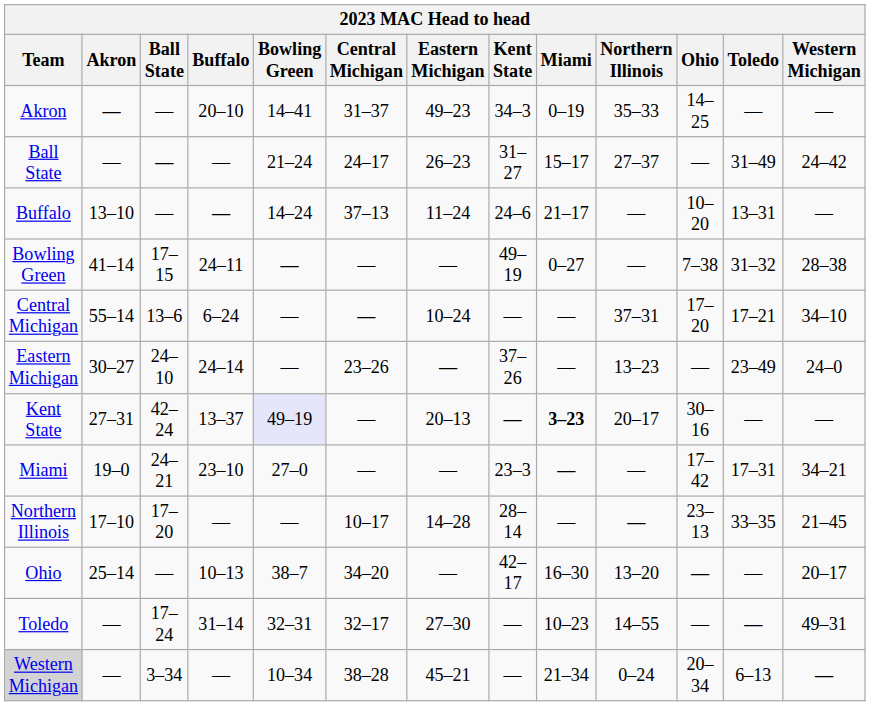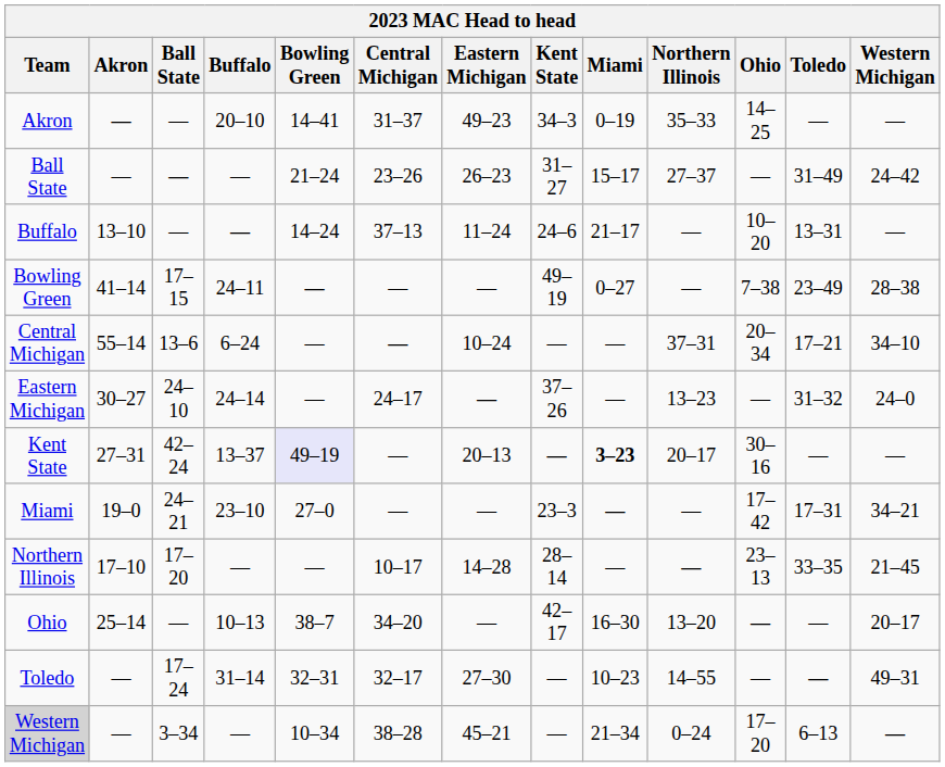 <table class="wikitable" style="font-size:95%; text-align:center;">
 <tr>
 <th colspan=13>2023 MAC Head to head</th>
 </tr>
 <tr>
 <th style="width:100px;">Team</th>
 <th>Akron</th>
 <th>Ball State</th>
 <th>Buffalo</th>
 <th>Bowling Green</th>
 <th>Central Michigan</th>
 <th>Eastern Michigan</th>
 <th>Kent State</th>
 <th>Miami</th>
 <th>Northern Illinois</th>
 <th>Ohio</th>
 <th>Toledo</th>
 <th>Western Michigan</th>
 </tr>
 <tr>
 <td><a href='#'>Akron</a></td>
 <td><strong>—</strong></td>
 <td>—</td>
 <td>20–10</td>
 <td>14–41</td>
 <td>31–37</td>
 <td>49–23</td>
 <td>34–3</td>
 <td>0–19</td>
 <td>35–33</td>
 <td>14–25</td>
 <td>—</td>
 <td>—</td>
 </tr>
 <tr>
 <td><a href='#'>Ball State</a></td>
 <td>—</td>
 <td><strong>—</strong></td>
 <td>—</td>
 <td>21–24</td>
-<td>24–17</td>
+<td>23–26</td>
 <td>26–23</td>
 <td>31–27</td>
 <td>15–17</td>
 <td>27–37</td>
 <td>—</td>
 <td>31–49</td>
 <td>24–42</td>
 </tr>
 <tr>
 <td><a href='#'>Buffalo</a></td>
 <td>13–10</td>
 <td>—</td>
 <td><strong>—</strong></td>
 <td>14–24</td>
 <td>37–13</td>
 <td>11–24</td>
 <td>24–6</td>
 <td>21–17</td>
 <td>—</td>
 <td>10–20</td>
 <td>13–31</td>
 <td>—</td>
 </tr>
 <tr>
 <td><a href='#'>Bowling Green</a></td>
 <td>41–14</td>
 <td>17–15</td>
 <td>24–11</td>
 <td><strong>—</strong></td>
 <td>—</td>
 <td>—</td>
 <td>49–19</td>
 <td>0–27</td>
 <td>—</td>
 <td>7–38</td>
-<td>31–32</td>
+<td>23–49</td>
 <td>28–38</td>
 </tr>
 <tr>
 <td><a href='#'>Central Michigan</a></td>
 <td>55–14</td>
 <td>13–6</td>
 <td>6–24</td>
 <td>—</td>
 <td><strong>—</strong></td>
 <td>10–24</td>
 <td>—</td>
 <td>—</td>
 <td>37–31</td>
-<td>17–20</td>
+<td>20–34</td>
 <td>17–21</td>
 <td>34–10</td>
 </tr>
 <tr>
 <td><a href='#'>Eastern Michigan</a></td>
 <td>30–27</td>
 <td>24–10</td>
 <td>24–14</td>
 <td>—</td>
-<td>23–26</td>
+<td>24–17</td>
 <td><strong>—</strong></td>
 <td>37–26</td>
 <td>—</td>
 <td>13–23</td>
 <td>—</td>
-<td>23–49</td>
+<td>31–32</td>
 <td>24–0</td>
 </tr>
 <tr>
 <td><a href='#'>Kent State</a></td>
 <td>27–31</td>
 <td>42–24</td>
 <td>13–37</td>
 <td style="background: lavender;">49–19</td>
 <td>—</td>
 <td>20–13</td>
 <td><strong>—</strong></td>
 <td><strong>3–23</strong></td>
 <td>20–17</td>
 <td>30–16</td>
 <td>—</td>
 <td>—</td>
 </tr>
 <tr>
 <td><a href='#'>Miami</a></td>
 <td>19–0</td>
 <td>24–21</td>
 <td>23–10</td>
 <td>27–0</td>
 <td>—</td>
 <td>—</td>
 <td>23–3</td>
 <td><strong>—</strong></td>
 <td>—</td>
 <td>17–42</td>
 <td>17–31</td>
 <td>34–21</td>
 </tr>
 <tr>
 <td><a href='#'>Northern Illinois</a></td>
 <td>17–10</td>
 <td>17–20</td>
 <td>—</td>
 <td>—</td>
 <td>10–17</td>
 <td>14–28</td>
 <td>28–14</td>
 <td>—</td>
 <td><strong>—</strong></td>
 <td>23–13</td>
 <td>33–35</td>
 <td>21–45</td>
 </tr>
 <tr>
 <td><a href='#'>Ohio</a></td>
 <td>25–14</td>
 <td>—</td>
 <td>10–13</td>
 <td>38–7</td>
 <td>34–20</td>
 <td>—</td>
 <td>42–17</td>
 <td>16–30</td>
 <td>13–20</td>
 <td><strong>—</strong></td>
 <td>—</td>
 <td>20–17</td>
 </tr>
 <tr>
 <td><a href='#'>Toledo</a></td>
 <td>—</td>
 <td>17–24</td>
 <td>31–14</td>
 <td>32–31</td>
 <td>32–17</td>
 <td>27–30</td>
 <td>—</td>
 <td>10–23</td>
 <td>14–55</td>
 <td>—</td>
 <td><strong>—</strong></td>
 <td>49–31</td>
 </tr>
 <tr>
 <td style="background: lightgrey;"><a href='#'>Western Michigan</a></td>
 <td>—</td>
 <td>3–34</td>
 <td>—</td>
 <td>10–34</td>
 <td>38–28</td>
 <td>45–21</td>
 <td>—</td>
 <td>21–34</td>
 <td>0–24</td>
-<td>20–34</td>
+<td>17–20</td>
 <td>6–13</td>
 <td><strong>—</strong></td>
 </tr>
 </table>
